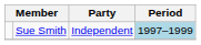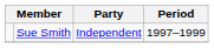 <table class="wikitable">
 <tr>
 <th colspan="2">Member</th>
 <th>Party</th>
 <th>Period</th>
 </tr>
 <tr>
 <td> </td>
 <td><a href='#'>Sue Smith</a></td>
 <td><a href='#'>Independent</a></td>
-<td style="background: lightblue;">1997–1999</td>
+<td>1997–1999</td>
 </tr>
 <tr>
 </tr>
 </table>
